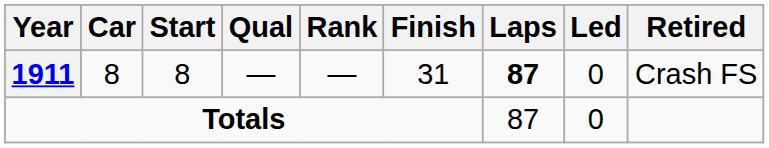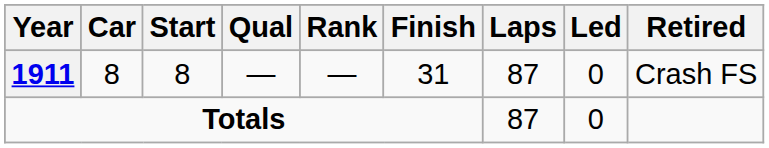 <table class="wikitable" style="text-align:center">
 <tr>
 <th>Year</th>
 <th>Car</th>
 <th>Start</th>
 <th>Qual</th>
 <th>Rank</th>
 <th>Finish</th>
 <th>Laps</th>
 <th>Led</th>
 <th>Retired</th>
 </tr>
 <tr>
 <th><a href='#'>1911</a></th>
 <td>8</td>
 <td>8</td>
 <td>—</td>
 <td>—</td>
 <td>31</td>
-<td><strong>87</strong></td>
+<td>87</td>
 <td>0</td>
 <td>Crash FS</td>
 </tr>
 <tr>
 <td colspan=6><strong>Totals</strong></td>
 <td>87</td>
 <td>0</td>
 <td></td>
 </tr>
 </table>
